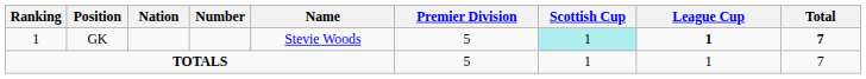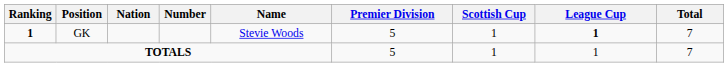 <table class="wikitable" style="font-size: 95%; text-align: center;">
 <tr>
 <th width=60>Ranking</th>
 <th width=60>Position</th>
 <th width=60>Nation</th>
 <th width=60>Number</th>
 <th width=150>Name</th>
 <th width=150><a href='#'>Premier Division</a></th>
 <th width=100><a href='#'>Scottish Cup</a></th>
 <th width=150><a href='#'>League Cup</a></th>
 <th width=80>Total</th>
 </tr>
 <tr>
-<td>1</td>
+<td><strong>1</strong></td>
 <td>GK</td>
 <td></td>
 <td></td>
 <td><a href='#'>Stevie Woods</a></td>
 <td>5</td>
-<td style="background: paleturquoise;">1</td>
+<td>1</td>
 <td><strong>1</strong></td>
-<td><strong>7</strong></td>
+<td>7</td>
 </tr>
 <tr>
 <td colspan="5"><strong>TOTALS</strong></td>
 <td>5</td>
 <td>1</td>
 <td>1</td>
 <td>7</td>
 </tr>
 </table>
